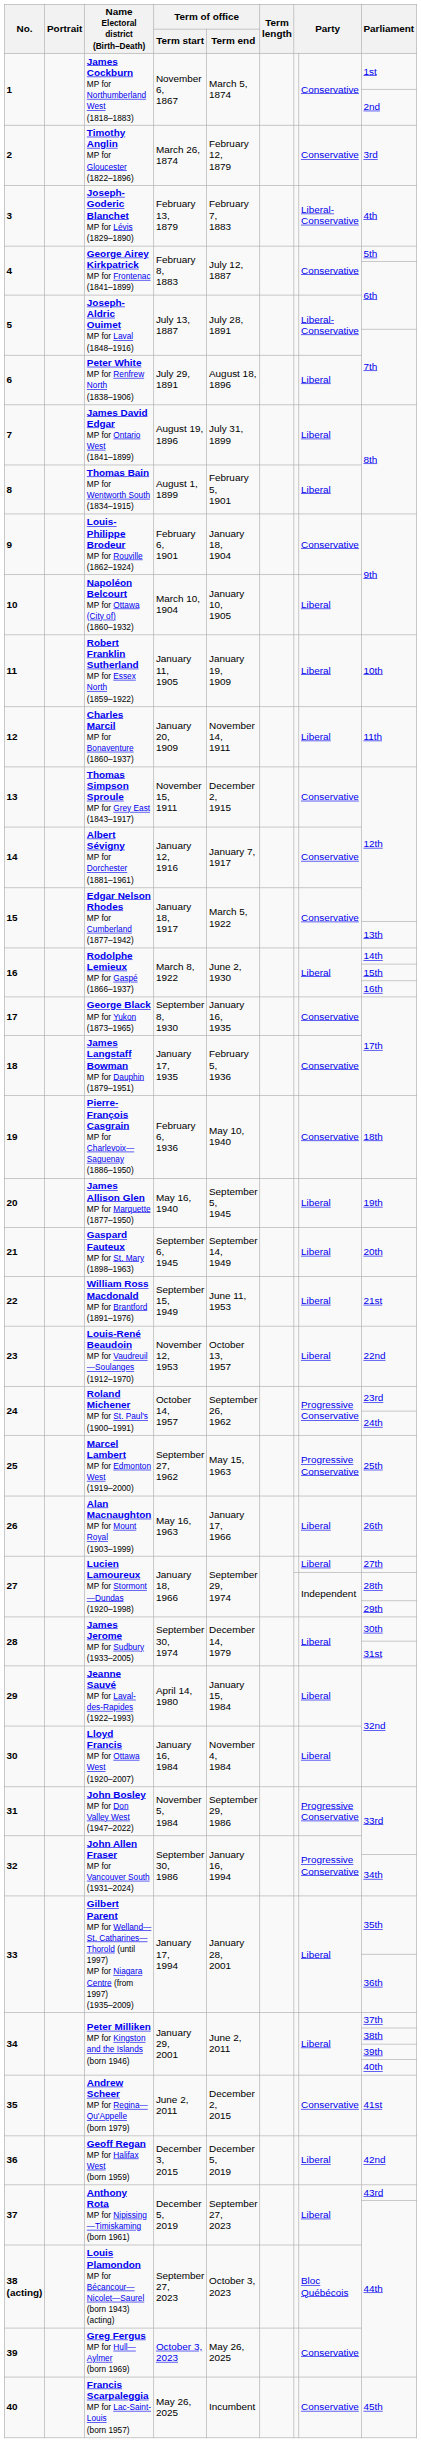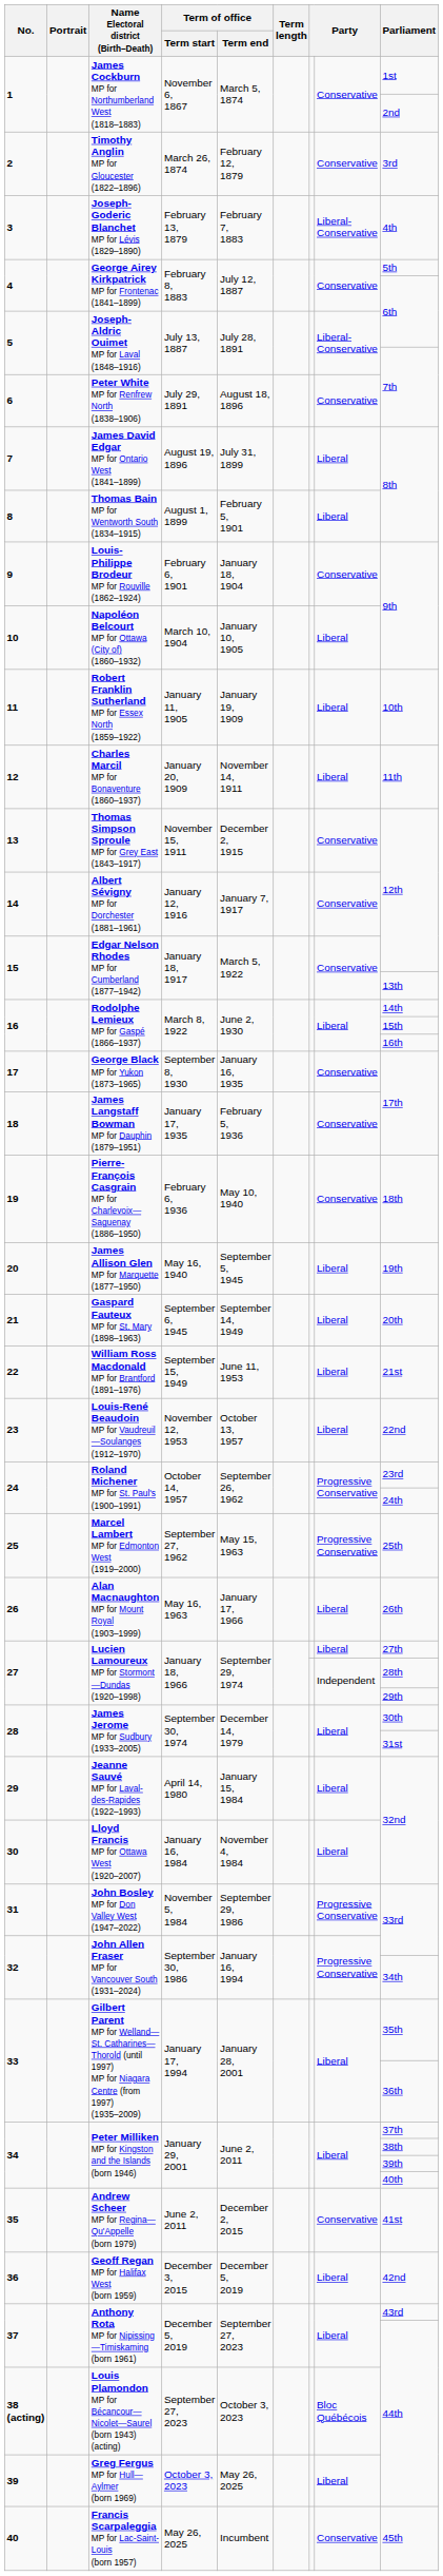 <table class="wikitable sortable sticky-header-multi" style=text-align:left" style="margin:1em auto;">
 <tr>
 <th rowspan="2">No.</th>
 <th rowspan="2" scope="col">Portrait</th>
 <th rowspan="2" scope="col" width="200px">Name<br><small>Electoral district<br>(Birth–Death)</small></th>
 <th colspan="2" scope="col" width="100px">Term of office</th>
 <th rowspan="2" width="80px">Term length</th>
 <th colspan="2" rowspan="2">Party</th>
 <th rowspan="2">Parliament</th>
 </tr>
 <tr>
 <th width="95px">Term start</th>
 <th width="95px">Term end</th>
 </tr>
 <tr>
 <td rowspan="2"><strong>1</strong></td>
 <td rowspan="2"></td>
 <td rowspan="2"><a href='#'><strong>James Cockburn</strong></a><br><small>MP for <a href='#'>Northumberland West</a></small><br><small>(1818–1883)</small></td>
 <td rowspan="2">November 6,<br>1867</td>
 <td rowspan="2">March 5,<br>1874</td>
 <td rowspan="2"></td>
 <td rowspan="2" style="background:"></td>
 <td rowspan="2"><a href='#'>Conservative</a></td>
 <td><a href='#'>1st</a></td>
 </tr>
 <tr>
 <td><a href='#'>2nd</a></td>
 </tr>
 <tr>
 <td><strong>2</strong></td>
 <td></td>
 <td><strong><a href='#'>Timothy Anglin</a></strong><br><small>MP for <a href='#'>Gloucester</a></small><br><small>(1822–1896)</small></td>
 <td>March 26,<br>1874</td>
 <td>February 12,<br>1879</td>
 <td></td>
 <td style="background:"></td>
 <td><a href='#'>Conservative</a></td>
 <td><a href='#'>3rd</a></td>
 </tr>
 <tr>
 <td><strong>3</strong></td>
 <td></td>
 <td><strong><a href='#'>Joseph-Goderic Blanchet</a></strong><br><small>MP for <a href='#'>Lévis</a></small><br><small>(1829–1890)</small></td>
 <td>February 13,<br>1879</td>
 <td>February 7,<br>1883</td>
 <td></td>
 <td style="background:"></td>
 <td><a href='#'>Liberal-Conservative</a></td>
 <td><a href='#'>4th</a></td>
 </tr>
 <tr>
 <td rowspan="2"><strong>4</strong></td>
 <td rowspan="2"></td>
 <td rowspan="2"><strong><a href='#'>George Airey Kirkpatrick</a></strong><br><small>MP for <a href='#'>Frontenac</a></small><br><small>(1841–1899)</small></td>
 <td rowspan="2">February 8,<br>1883</td>
 <td rowspan="2">July 12,<br>1887</td>
 <td rowspan="2"></td>
 <td rowspan="2" style="background:"></td>
 <td rowspan="2"><a href='#'>Conservative</a></td>
 <td><a href='#'>5th</a></td>
 </tr>
 <tr>
 <td rowspan="2"><a href='#'>6th</a></td>
 </tr>
 <tr style="height:55px">
 <td rowspan="2"><strong>5</strong></td>
 <td rowspan="2"></td>
 <td rowspan="2"><strong><a href='#'>Joseph-Aldric Ouimet</a></strong><br><small>MP for <a href='#'>Laval</a></small><br><small>(1848–1916)</small></td>
 <td rowspan="2">July 13,<br>1887</td>
 <td rowspan="2">July 28,<br>1891</td>
 <td rowspan="2"></td>
 <td rowspan="2" style="background:"></td>
 <td rowspan="2"><a href='#'>Liberal-Conservative</a></td>
 </tr>
 <tr>
 <td rowspan="2"><a href='#'>7th</a></td>
 </tr>
 <tr>
 <td><strong>6</strong></td>
 <td></td>
 <td><a href='#'><strong>Peter White</strong></a><br><small>MP for <a href='#'>Renfrew North</a></small><br><small>(1838–1906)</small></td>
 <td>July 29,<br>1891</td>
 <td>August 18,<br>1896</td>
 <td></td>
 <td style="background:"></td>
-<td><a href='#'>Liberal</a></td>
+<td><a href='#'>Conservative</a></td>
 </tr>
 <tr>
 <td><strong>7</strong></td>
 <td></td>
 <td><strong><a href='#'>James David Edgar</a></strong><br><small>MP for <a href='#'>Ontario West</a></small><br><small>(1841–1899)</small></td>
 <td>August 19,<br>1896</td>
 <td>July 31,<br>1899</td>
 <td></td>
 <td style="background:"></td>
 <td><a href='#'>Liberal</a></td>
 <td rowspan="2"><a href='#'>8th</a></td>
 </tr>
 <tr>
 <td><strong>8</strong></td>
 <td></td>
 <td><strong><a href='#'>Thomas Bain</a></strong><br><small>MP for <a href='#'>Wentworth South</a></small><br><small>(1834–1915)</small></td>
 <td>August 1,<br>1899</td>
 <td>February 5,<br>1901</td>
 <td></td>
 <td style="background:"></td>
 <td><a href='#'>Liberal</a></td>
 </tr>
 <tr>
 <td><strong>9</strong></td>
 <td></td>
 <td><strong><a href='#'>Louis-Philippe Brodeur</a></strong><br><small>MP for <a href='#'>Rouville</a></small><br><small>(1862–1924)</small></td>
 <td>February 6,<br>1901</td>
 <td>January 18,<br>1904</td>
 <td></td>
 <td style="background:"></td>
 <td><a href='#'>Conservative</a></td>
 <td rowspan="2"><a href='#'>9th</a></td>
 </tr>
 <tr>
 <td><strong>10</strong></td>
 <td></td>
 <td><strong><a href='#'>Napoléon Belcourt</a></strong><br><small>MP for <a href='#'>Ottawa (City of)</a></small><br><small>(1860–1932)</small></td>
 <td>March 10,<br>1904</td>
 <td>January 10,<br>1905</td>
 <td></td>
 <td style="background:"></td>
 <td><a href='#'>Liberal</a></td>
 </tr>
 <tr>
 <td><strong>11</strong></td>
 <td></td>
 <td><strong><a href='#'>Robert Franklin Sutherland</a></strong><br><small>MP for <a href='#'>Essex North</a></small><br><small>(1859–1922)</small></td>
 <td>January 11,<br>1905</td>
 <td>January 19,<br>1909</td>
 <td></td>
 <td style="background:"></td>
 <td><a href='#'>Liberal</a></td>
 <td><a href='#'>10th</a></td>
 </tr>
 <tr>
 <td><strong>12</strong></td>
 <td></td>
 <td><strong><a href='#'>Charles Marcil</a></strong><br><small>MP for <a href='#'>Bonaventure</a></small><br><small>(1860–1937)</small></td>
 <td>January 20,<br>1909</td>
 <td>November 14,<br>1911</td>
 <td></td>
 <td style="background:"></td>
 <td><a href='#'>Liberal</a></td>
 <td><a href='#'>11th</a></td>
 </tr>
 <tr>
 <td><strong>13</strong></td>
 <td></td>
 <td><strong><a href='#'>Thomas Simpson Sproule</a></strong><br><small>MP for <a href='#'>Grey East</a></small><br><small>(1843–1917)</small></td>
 <td>November 15,<br>1911</td>
 <td>December 2,<br>1915</td>
 <td></td>
 <td style="background:"></td>
 <td><a href='#'>Conservative</a></td>
 <td rowspan="3"><a href='#'>12th</a></td>
 </tr>
 <tr>
 <td><strong>14</strong></td>
 <td></td>
 <td><strong><a href='#'>Albert Sévigny</a></strong><br><small>MP for <a href='#'>Dorchester</a></small><br><small>(1881–1961)</small></td>
 <td>January 12,<br>1916</td>
 <td>January 7,<br>1917</td>
 <td></td>
 <td style="background:"></td>
 <td><a href='#'>Conservative</a></td>
 </tr>
 <tr style="height:54px">
 <td rowspan="2"><strong>15</strong></td>
 <td rowspan="2"></td>
 <td rowspan="2"><strong><a href='#'>Edgar Nelson Rhodes</a></strong><br><small>MP for <a href='#'>Cumberland</a></small><br><small>(1877–1942)</small></td>
 <td rowspan="2">January 18,<br>1917</td>
 <td rowspan="2">March 5,<br>1922</td>
 <td rowspan="2"></td>
 <td rowspan="2" style="background:"></td>
 <td rowspan="2"><a href='#'>Conservative</a></td>
 </tr>
 <tr>
 <td><a href='#'>13th</a></td>
 </tr>
 <tr>
 <td rowspan="3"><strong>16</strong></td>
 <td rowspan="3"></td>
 <td rowspan="3"><strong><a href='#'>Rodolphe Lemieux</a></strong><br><small>MP for <a href='#'>Gaspé</a></small><br><small>(1866–1937)</small></td>
 <td rowspan="3">March 8,<br>1922</td>
 <td rowspan="3">June 2,<br>1930</td>
 <td rowspan="3"></td>
 <td rowspan="3" style="background:"></td>
 <td rowspan="3"><a href='#'>Liberal</a></td>
 <td><a href='#'>14th</a></td>
 </tr>
 <tr>
 <td><a href='#'>15th</a></td>
 </tr>
 <tr>
 <td><a href='#'>16th</a></td>
 </tr>
 <tr>
 <td><strong>17</strong></td>
 <td></td>
 <td><a href='#'><strong>George Black</strong></a><br><small>MP for <a href='#'>Yukon</a></small><br><small>(1873–1965)</small></td>
 <td>September 8,<br>1930</td>
 <td>January 16,<br>1935</td>
 <td></td>
 <td style="background:"></td>
 <td><a href='#'>Conservative</a></td>
 <td rowspan="2"><a href='#'>17th</a></td>
 </tr>
 <tr>
 <td><strong>18</strong></td>
 <td></td>
 <td><strong><a href='#'>James Langstaff Bowman</a></strong><br><small>MP for <a href='#'>Dauphin</a></small><br><small>(1879–1951)</small></td>
 <td>January 17,<br>1935</td>
 <td>February 5,<br>1936</td>
 <td></td>
 <td style="background:"></td>
 <td><a href='#'>Conservative</a></td>
 </tr>
 <tr>
 <td><strong>19</strong></td>
 <td></td>
 <td><strong><a href='#'>Pierre-François Casgrain</a></strong><br><small>MP for <a href='#'>Charlevoix—Saguenay</a></small><br><small>(1886–1950)</small></td>
 <td>February 6,<br>1936</td>
 <td>May 10,<br>1940</td>
 <td></td>
 <td style="background:"></td>
 <td><a href='#'>Conservative</a></td>
 <td><a href='#'>18th</a></td>
 </tr>
 <tr>
 <td><strong>20</strong></td>
 <td></td>
 <td><strong><a href='#'>James Allison Glen</a></strong><br><small>MP for <a href='#'>Marquette</a></small><br><small>(1877–1950)</small></td>
 <td>May 16,<br>1940</td>
 <td>September 5,<br>1945</td>
 <td></td>
 <td style="background:"></td>
 <td><a href='#'>Liberal</a></td>
 <td><a href='#'>19th</a></td>
 </tr>
 <tr>
 <td><strong>21</strong></td>
 <td></td>
 <td><strong><a href='#'>Gaspard Fauteux</a></strong><br><small>MP for <a href='#'>St. Mary</a></small><br><small>(1898–1963)</small></td>
 <td>September 6,<br>1945</td>
 <td>September 14,<br>1949</td>
 <td></td>
 <td style="background:"></td>
 <td><a href='#'>Liberal</a></td>
 <td><a href='#'>20th</a></td>
 </tr>
 <tr>
 <td><strong>22</strong></td>
 <td></td>
 <td><strong><a href='#'>William Ross Macdonald</a></strong><br><small>MP for <a href='#'>Brantford</a></small><br><small>(1891–1976)</small></td>
 <td>September 15,<br>1949</td>
 <td>June 11,<br>1953</td>
 <td></td>
 <td style="background:"></td>
 <td><a href='#'>Liberal</a></td>
 <td><a href='#'>21st</a></td>
 </tr>
 <tr>
 <td><strong>23</strong></td>
 <td></td>
 <td><strong><a href='#'>Louis-René Beaudoin</a></strong><br><small>MP for <a href='#'>Vaudreuil—Soulanges</a></small><br><small>(1912–1970)</small></td>
 <td>November 12,<br>1953</td>
 <td>October 13,<br>1957</td>
 <td></td>
 <td style="background:"></td>
 <td><a href='#'>Liberal</a></td>
 <td><a href='#'>22nd</a></td>
 </tr>
 <tr>
 <td rowspan="2"><strong>24</strong></td>
 <td rowspan="2"></td>
 <td rowspan="2"><strong><a href='#'>Roland Michener</a></strong><br><small>MP for <a href='#'>St. Paul's</a></small><br><small>(1900–1991)</small></td>
 <td rowspan="2">October 14,<br>1957</td>
 <td rowspan="2">September 26,<br>1962</td>
 <td rowspan="2"></td>
 <td rowspan="2" style="background:"></td>
 <td rowspan="2"><a href='#'>Progressive Conservative</a></td>
 <td><a href='#'>23rd</a></td>
 </tr>
 <tr>
 <td><a href='#'>24th</a></td>
 </tr>
 <tr>
 <td><strong>25</strong></td>
 <td></td>
 <td><strong><a href='#'>Marcel Lambert</a></strong><br><small>MP for <a href='#'>Edmonton West</a></small><br><small>(1919–2000)</small></td>
 <td>September 27,<br>1962</td>
 <td>May 15,<br>1963</td>
 <td></td>
 <td style="background:"></td>
 <td><a href='#'>Progressive Conservative</a></td>
 <td><a href='#'>25th</a></td>
 </tr>
 <tr>
 <td><strong>26</strong></td>
 <td></td>
 <td><strong><a href='#'>Alan Macnaughton</a></strong><br><small>MP for <a href='#'>Mount Royal</a></small><br><small>(1903–1999)</small></td>
 <td>May 16,<br>1963</td>
 <td>January 17,<br>1966</td>
 <td></td>
 <td style="background:"></td>
 <td><a href='#'>Liberal</a></td>
 <td><a href='#'>26th</a></td>
 </tr>
 <tr>
 <td rowspan="3"><strong>27</strong></td>
 <td rowspan="3"></td>
 <td rowspan="3"><strong><a href='#'>Lucien Lamoureux</a></strong><br><small>MP for <a href='#'>Stormont—Dundas</a></small><br><small>(1920–1998)</small></td>
 <td rowspan="3">January 18,<br>1966</td>
 <td rowspan="3">September 29,<br>1974</td>
 <td rowspan="3"></td>
 <td style="background:"></td>
 <td><a href='#'>Liberal</a></td>
 <td><a href='#'>27th</a></td>
 </tr>
 <tr>
 <td rowspan="2" style="background:"></td>
 <td rowspan="2">Independent</td>
 <td><a href='#'>28th</a></td>
 </tr>
 <tr>
 <td><a href='#'>29th</a></td>
 </tr>
 <tr>
 <td rowspan="2"><strong>28</strong></td>
 <td rowspan="2"></td>
 <td rowspan="2"><strong><a href='#'>James Jerome</a></strong><br><small>MP for <a href='#'>Sudbury</a></small><br><small>(1933–2005)</small></td>
 <td rowspan="2">September 30,<br>1974</td>
 <td rowspan="2">December 14,<br>1979</td>
 <td rowspan="2"></td>
 <td rowspan="2" style="background:"></td>
 <td rowspan="2"><a href='#'>Liberal</a></td>
 <td><a href='#'>30th</a></td>
 </tr>
 <tr>
 <td><a href='#'>31st</a></td>
 </tr>
 <tr>
 <td><strong>29</strong></td>
 <td></td>
 <td><strong><a href='#'>Jeanne Sauvé</a></strong><br><small>MP for <a href='#'>Laval-des-Rapides</a></small><br><small>(1922–1993)</small></td>
 <td>April 14,<br>1980</td>
 <td>January 15,<br>1984</td>
 <td></td>
 <td style="background:"></td>
 <td><a href='#'>Liberal</a></td>
 <td rowspan="2"><a href='#'>32nd</a></td>
 </tr>
 <tr>
 <td><strong>30</strong></td>
 <td></td>
 <td><strong><a href='#'>Lloyd Francis</a></strong><br><small>MP for <a href='#'>Ottawa West</a></small><br><small>(1920–2007)</small></td>
 <td>January 16,<br>1984</td>
 <td>November 4,<br>1984</td>
 <td></td>
 <td style="background:"></td>
 <td><a href='#'>Liberal</a></td>
 </tr>
 <tr>
 <td><strong>31</strong></td>
 <td></td>
 <td><a href='#'><strong>John Bosley</strong></a><br><small>MP for <a href='#'>Don Valley West</a></small><br><small>(1947–2022)</small></td>
 <td>November 5,<br>1984</td>
 <td>September 29,<br>1986</td>
 <td></td>
 <td style="background:"></td>
 <td><a href='#'>Progressive Conservative</a></td>
 <td rowspan="2"><a href='#'>33rd</a></td>
 </tr>
 <tr style="height:30px">
 <td rowspan="2"><strong>32</strong></td>
 <td rowspan="2"></td>
 <td rowspan="2"><strong><a href='#'>John Allen Fraser</a></strong><br><small>MP for <a href='#'>Vancouver South</a></small><br><small>(1931–2024)</small></td>
 <td rowspan="2">September 30,<br>1986</td>
 <td rowspan="2">January 16,<br>1994</td>
 <td rowspan="2"></td>
 <td rowspan="2" style="background:"></td>
 <td rowspan="2"><a href='#'>Progressive Conservative</a></td>
 </tr>
 <tr>
 <td><a href='#'>34th</a></td>
 </tr>
 <tr>
 <td rowspan="2"><strong>33</strong></td>
 <td rowspan="2"></td>
 <td rowspan="2"><strong><a href='#'>Gilbert Parent</a></strong><br><small>MP for <a href='#'>Welland—St. Catharines—Thorold</a> (until 1997)<br>MP for <a href='#'>Niagara Centre</a> (from 1997)</small><br><small>(1935–2009)</small></td>
 <td rowspan="2">January 17,<br>1994</td>
 <td rowspan="2">January 28,<br>2001</td>
 <td rowspan="2"></td>
 <td rowspan="2" style="background:"></td>
 <td rowspan="2"><a href='#'>Liberal</a></td>
 <td><a href='#'>35th</a></td>
 </tr>
 <tr>
 <td><a href='#'>36th</a></td>
 </tr>
 <tr>
 <td rowspan="4"><strong>34</strong></td>
 <td rowspan="4"></td>
 <td rowspan="4"><strong><a href='#'>Peter Milliken</a></strong><br><small>MP for <a href='#'>Kingston and the Islands</a></small><br><small>(born 1946)</small></td>
 <td rowspan="4">January 29,<br>2001</td>
 <td rowspan="4">June 2,<br>2011</td>
 <td rowspan="4"></td>
 <td rowspan="4" style="background:"></td>
 <td rowspan="4"><a href='#'>Liberal</a></td>
 <td><a href='#'>37th</a></td>
 </tr>
 <tr>
 <td><a href='#'>38th</a></td>
 </tr>
 <tr>
 <td><a href='#'>39th</a></td>
 </tr>
 <tr>
 <td><a href='#'>40th</a></td>
 </tr>
 <tr>
 <td><strong>35</strong></td>
 <td></td>
 <td><strong><a href='#'>Andrew Scheer</a></strong><br><small>MP for <a href='#'>Regina—Qu'Appelle</a></small><br><small>(born 1979)</small></td>
 <td>June 2,<br>2011</td>
 <td>December 2,<br>2015</td>
 <td></td>
 <td style="background:"></td>
 <td><a href='#'>Conservative</a></td>
 <td><a href='#'>41st</a></td>
 </tr>
 <tr>
 <td><strong>36</strong></td>
 <td></td>
 <td><strong><a href='#'>Geoff Regan</a></strong><br><small>MP for <a href='#'>Halifax West</a></small><br><small>(born 1959)</small></td>
 <td>December 3,<br>2015</td>
 <td>December 5,<br>2019</td>
 <td></td>
 <td style="background:"></td>
 <td><a href='#'>Liberal</a></td>
 <td><a href='#'>42nd</a></td>
 </tr>
 <tr>
 <td rowspan="2"><strong>37</strong></td>
 <td rowspan="2"></td>
 <td rowspan="2"><strong><a href='#'>Anthony Rota</a></strong><br><small>MP for <a href='#'>Nipissing—Timiskaming</a></small><br><small>(born 1961)</small></td>
 <td rowspan="2">December 5,<br>2019</td>
 <td rowspan="2">September 27,<br>2023</td>
 <td rowspan="2"></td>
 <td rowspan="2" style="background:"></td>
 <td rowspan="2"><a href='#'>Liberal</a></td>
 <td><a href='#'>43rd</a></td>
 </tr>
 <tr>
 <td rowspan="3"><a href='#'>44th</a></td>
 </tr>
 <tr>
 <td><strong> 38 (acting)</strong></td>
 <td></td>
 <td><strong><a href='#'>Louis Plamondon</a></strong><br><small>MP for <a href='#'>Bécancour—Nicolet—Saurel</a></small><br><small>(born 1943)</small><br><small>(acting)</small></td>
 <td>September 27,<br>2023</td>
 <td>October 3,<br>2023</td>
 <td></td>
 <td style="background:"></td>
 <td><a href='#'>Bloc Québécois</a></td>
 </tr>
 <tr>
 <td><strong>39</strong></td>
 <td></td>
 <td><strong><a href='#'>Greg Fergus</a></strong><br><small>MP for <a href='#'>Hull—Aylmer</a></small><br><small>(born 1969)</small></td>
 <td><a href='#'>October 3,<br>2023</a></td>
 <td>May 26, 2025</td>
 <td></td>
 <td style="background:"></td>
-<td><a href='#'>Conservative</a></td>
+<td><a href='#'>Liberal</a></td>
 </tr>
 <tr>
 <td><strong>40</strong></td>
 <td></td>
 <td><strong><a href='#'>Francis Scarpaleggia</a></strong><br><small>MP for <a href='#'>Lac-Saint-Louis</a></small><br><small>(born 1957)</small></td>
 <td>May 26,<br>2025</td>
 <td>Incumbent</td>
 <td></td>
 <td style="background:"></td>
 <td><a href='#'>Conservative</a></td>
 <td><a href='#'>45th</a></td>
 </tr>
 </table>
